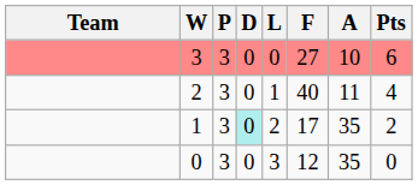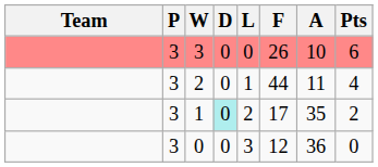 <table class="wikitable" style="text-align:center;">
 <tr>
 <th width="120px">Team</th>
+<th>P</th>
 <th>W</th>
-<th>P</th>
 <th>D</th>
 <th>L</th>
 <th width="23px">F</th>
 <th width="23px">A</th>
 <th width="23px">Pts</th>
 </tr>
 <tr bgcolor="#FF8888">
 <td></td>
 <td>3</td>
 <td>3</td>
 <td>0</td>
 <td>0</td>
-<td>27</td>
+<td>26</td>
 <td>10</td>
 <td>6</td>
 </tr>
 <tr>
 <td></td>
+<td>3</td>
 <td>2</td>
-<td>3</td>
 <td>0</td>
 <td>1</td>
-<td>40</td>
+<td>44</td>
 <td>11</td>
 <td>4</td>
 </tr>
 <tr>
 <td></td>
+<td>3</td>
 <td>1</td>
-<td>3</td>
 <td style="background: paleturquoise;">0</td>
 <td>2</td>
 <td>17</td>
 <td>35</td>
 <td>2</td>
 </tr>
 <tr>
 <td></td>
+<td>3</td>
 <td>0</td>
-<td>3</td>
 <td>0</td>
 <td>3</td>
 <td>12</td>
-<td>35</td>
+<td>36</td>
 <td>0</td>
 </tr>
 </table>
